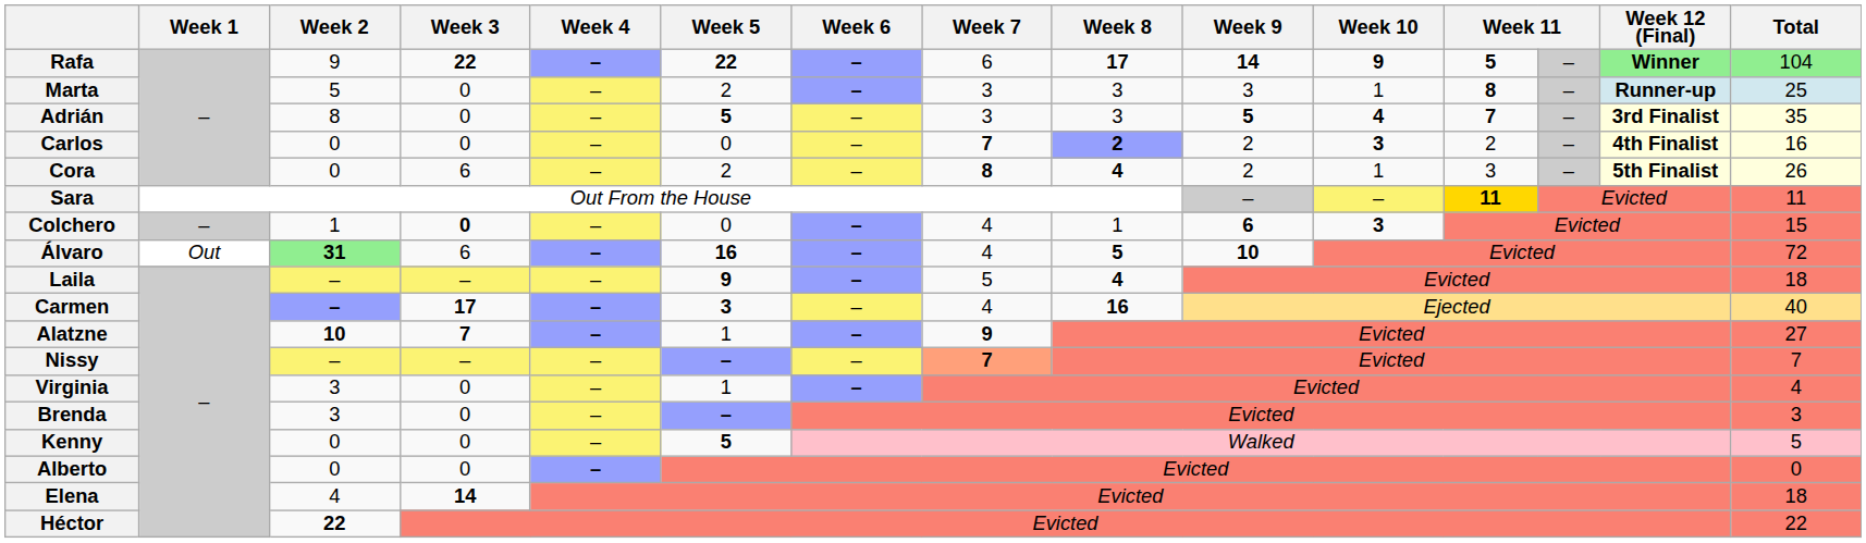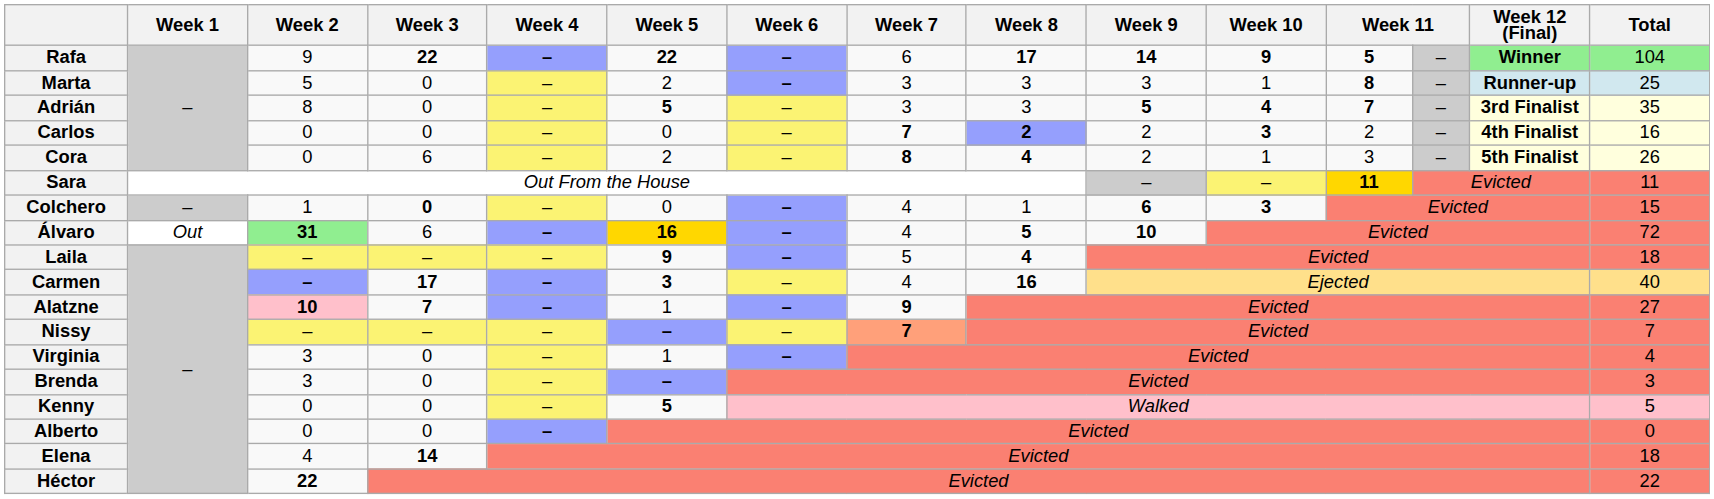 <table class="wikitable" style="width:100%; text-align:center; font-size:85%; line-height:12px">
 <tr>
 <th style="width:5%"></th>
 <th style="width:5%">Week 1</th>
 <th style="width:5%">Week 2</th>
 <th style="width:5%">Week 3</th>
 <th style="width:5%">Week 4</th>
 <th style="width:5%">Week 5</th>
 <th style="width:5%">Week 6</th>
 <th style="width:5%">Week 7</th>
 <th style="width:5%">Week 8</th>
 <th style="width:5%">Week 9</th>
 <th style="width:5%">Week 10</th>
 <th style="width:6%" colspan="2">Week 11</th>
 <th style="width:5%">Week 12 (Final)</th>
 <th style="width:5%">Total</th>
 </tr>
 <tr>
 <th>Rafa</th>
 <td rowspan="5" style="background:#CCCCCC">–</td>
 <td>9</td>
 <td><strong>22</strong></td>
 <td style="background:#959FFD"><strong>–</strong></td>
 <td><strong>22</strong></td>
 <td style="background:#959FFD"><strong>–</strong></td>
 <td>6</td>
 <td><strong>17</strong></td>
 <td><strong>14</strong></td>
 <td><strong>9</strong></td>
 <td><strong>5</strong></td>
 <td style="background:#CCCCCC">–</td>
 <td style="background:lightgreen"><strong>Winner</strong></td>
 <td style="background:lightgreen">104</td>
 </tr>
 <tr>
 <th>Marta</th>
 <td>5</td>
 <td>0</td>
 <td style="background:#FBF373">–</td>
 <td>2</td>
 <td style="background:#959FFD"><strong>–</strong></td>
 <td>3</td>
 <td>3</td>
 <td>3</td>
 <td>1</td>
 <td><strong>8</strong></td>
 <td style="background:#CCCCCC">–</td>
 <td style="background:#D1E8EF"><strong>Runner-up</strong></td>
 <td style="background:#D1E8EF">25</td>
 </tr>
 <tr>
 <th>Adrián</th>
 <td>8</td>
 <td>0</td>
 <td style="background:#FBF373">–</td>
 <td><strong>5</strong></td>
 <td style="background:#FBF373">–</td>
 <td>3</td>
 <td>3</td>
 <td><strong>5</strong></td>
 <td><strong>4</strong></td>
 <td><strong>7</strong></td>
 <td style="background:#CCCCCC">–</td>
 <td style="background:#FFFFDD"><strong>3rd Finalist</strong></td>
 <td style="background:#FFFFDD">35</td>
 </tr>
 <tr>
 <th>Carlos</th>
 <td>0</td>
 <td>0</td>
 <td style="background:#FBF373">–</td>
 <td>0</td>
 <td style="background:#FBF373">–</td>
 <td><strong>7</strong></td>
 <td style="background:#959FFD"><strong>2</strong></td>
 <td>2</td>
 <td><strong>3</strong></td>
 <td>2</td>
 <td style="background:#CCCCCC">–</td>
 <td style="background:#FFFFDD"><strong>4th Finalist</strong></td>
 <td style="background:#FFFFDD">16</td>
 </tr>
 <tr>
 <th>Cora</th>
 <td>0</td>
 <td>6</td>
 <td style="background:#FBF373">–</td>
 <td>2</td>
 <td style="background:#FBF373">–</td>
 <td><strong>8</strong></td>
 <td><strong>4</strong></td>
 <td>2</td>
 <td>1</td>
 <td>3</td>
 <td style="background:#CCCCCC">–</td>
 <td style="background:#FFFFDD"><strong>5th Finalist</strong></td>
 <td style="background:#FFFFDD">26</td>
 </tr>
 <tr>
 <th>Sara</th>
 <td colspan="8" style="background:white"><em>Out From the House</em></td>
 <td style="background:#CCCCCC">–</td>
 <td style="background:#FBF373">–</td>
 <td style="background: gold;"><strong>11</strong></td>
 <td colspan="2" style="background:#FA8072"><em>Evicted</em></td>
 <td style="background:#FA8072">11</td>
 </tr>
 <tr>
 <th>Colchero</th>
 <td style="background:#CCCCCC">–</td>
 <td>1</td>
 <td><strong>0</strong></td>
 <td style="background:#FBF373">–</td>
 <td>0</td>
 <td style="background:#959FFD"><strong>–</strong></td>
 <td>4</td>
 <td>1</td>
 <td><strong>6</strong></td>
 <td><strong>3</strong></td>
 <td colspan="3" style="background:#FA8072"><em>Evicted</em></td>
 <td style="background:#FA8072">15</td>
 </tr>
 <tr>
 <th>Álvaro</th>
 <td style="background:white"><em>Out</em></td>
 <td style="background: lightgreen;"><strong>31</strong></td>
 <td>6</td>
 <td style="background:#959FFD"><strong>–</strong></td>
-<td><strong>16</strong></td>
+<td style="background: gold;"><strong>16</strong></td>
 <td style="background:#959FFD"><strong>–</strong></td>
 <td>4</td>
 <td><strong>5</strong></td>
 <td><strong>10</strong></td>
 <td colspan="4" style="background:#FA8072"><em>Evicted</em></td>
 <td style="background:#FA8072">72</td>
 </tr>
 <tr>
 <th>Laila</th>
 <td rowspan="10" style="background:#CCCCCC">–</td>
 <td style="background:#FBF373">–</td>
 <td style="background:#FBF373">–</td>
 <td style="background:#FBF373">–</td>
 <td><strong>9</strong></td>
 <td style="background:#959FFD"><strong>–</strong></td>
 <td>5</td>
 <td><strong>4</strong></td>
 <td colspan="5" style="background:#FA8072"><em>Evicted</em></td>
 <td style="background:#FA8072">18</td>
 </tr>
 <tr>
 <th>Carmen</th>
 <td style="background:#959FFD"><strong>–</strong></td>
 <td><strong>17</strong></td>
 <td style="background:#959FFD"><strong>–</strong></td>
 <td><strong>3</strong></td>
 <td style="background:#FBF373">–</td>
 <td>4</td>
 <td><strong>16</strong></td>
 <td colspan="5" style="background:#FFE08B"><em>Ejected</em></td>
 <td style="background:#FFE08B">40</td>
 </tr>
 <tr>
 <th>Alatzne</th>
-<td><strong>10</strong></td>
+<td style="background: pink;"><strong>10</strong></td>
 <td><strong>7</strong></td>
 <td style="background:#959FFD"><strong>–</strong></td>
 <td>1</td>
 <td style="background:#959FFD"><strong>–</strong></td>
 <td><strong>9</strong></td>
 <td colspan="6" style="background:#FA8072"><em>Evicted</em></td>
 <td style="background:#FA8072">27</td>
 </tr>
 <tr>
 <th>Nissy</th>
 <td style="background:#FBF373">–</td>
 <td style="background:#FBF373">–</td>
 <td style="background:#FBF373">–</td>
 <td style="background:#959FFD"><strong>–</strong></td>
 <td style="background:#FBF373">–</td>
 <td style="background: lightsalmon;"><strong>7</strong></td>
 <td colspan="6" style="background:#FA8072"><em>Evicted</em></td>
 <td style="background:#FA8072">7</td>
 </tr>
 <tr>
 <th>Virginia</th>
 <td>3</td>
 <td>0</td>
 <td style="background:#FBF373">–</td>
 <td>1</td>
 <td style="background:#959FFD"><strong>–</strong></td>
 <td colspan="7" style="background:#FA8072"><em>Evicted</em></td>
 <td style="background:#FA8072">4</td>
 </tr>
 <tr>
 <th>Brenda</th>
 <td>3</td>
 <td>0</td>
 <td style="background:#FBF373">–</td>
 <td style="background:#959FFD"><strong>–</strong></td>
 <td colspan="8" style="background:#FA8072"><em>Evicted</em></td>
 <td style="background:#FA8072">3</td>
 </tr>
 <tr>
 <th>Kenny</th>
 <td>0</td>
 <td>0</td>
 <td style="background:#FBF373">–</td>
 <td><strong>5</strong></td>
 <td colspan="8" style="background:pink"><em>Walked</em></td>
 <td style="background:pink">5</td>
 </tr>
 <tr>
 <th>Alberto</th>
 <td>0</td>
 <td>0</td>
 <td style="background:#959FFD"><strong>–</strong></td>
 <td colspan="9" style="background:#FA8072"><em>Evicted</em></td>
 <td style="background:#FA8072">0</td>
 </tr>
 <tr>
 <th>Elena</th>
 <td>4</td>
 <td><strong>14</strong></td>
 <td colspan="10" style="background:#FA8072"><em>Evicted</em></td>
 <td style="background:#FA8072">18</td>
 </tr>
 <tr>
 <th>Héctor</th>
 <td><strong>22</strong></td>
 <td colspan="11" style="background:#FA8072"><em>Evicted</em></td>
 <td style="background:#FA8072">22</td>
 </tr>
 </table>
